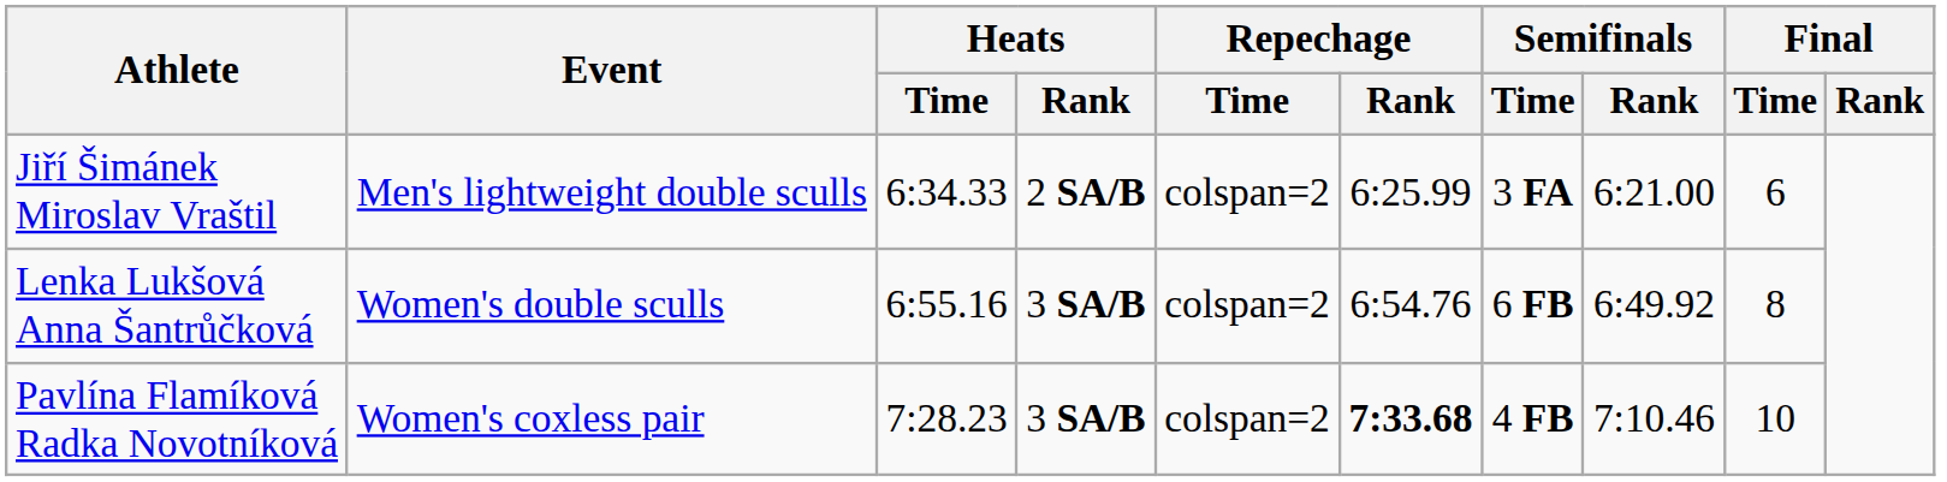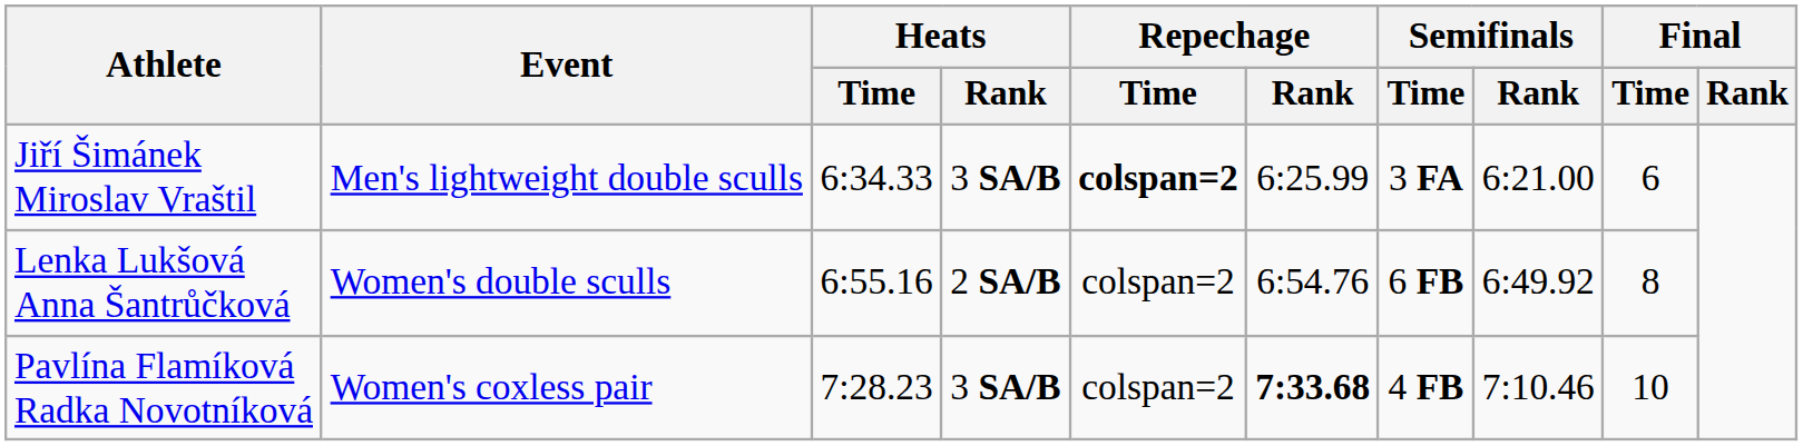 <table class=wikitable style=font-size:90%;text-align:center>
 <tr>
 <th rowspan=2>Athlete</th>
 <th rowspan=2>Event</th>
 <th colspan=2>Heats</th>
 <th colspan=2>Repechage</th>
 <th colspan=2>Semifinals</th>
 <th colspan=2>Final</th>
 </tr>
 <tr style=font-size:95%>
 <th>Time</th>
 <th>Rank</th>
 <th>Time</th>
 <th>Rank</th>
 <th>Time</th>
 <th>Rank</th>
 <th>Time</th>
 <th>Rank</th>
 </tr>
 <tr>
 <td align=left><a href='#'>Jiří Šimánek</a><br><a href='#'>Miroslav Vraštil</a></td>
 <td align=left><a href='#'>Men's lightweight double sculls</a></td>
 <td>6:34.33</td>
-<td>2 <strong>SA/B</strong></td>
-<td>colspan=2 </td>
+<td>3 <strong>SA/B</strong></td>
+<td><strong>colspan=2 </strong></td>
 <td>6:25.99</td>
 <td>3 <strong>FA</strong></td>
 <td>6:21.00</td>
 <td>6</td>
 </tr>
 <tr>
 <td align=left><a href='#'>Lenka Lukšová</a><br><a href='#'>Anna Šantrůčková</a></td>
 <td align=left><a href='#'>Women's double sculls</a></td>
 <td>6:55.16</td>
-<td>3 <strong>SA/B</strong></td>
+<td>2 <strong>SA/B</strong></td>
 <td>colspan=2 </td>
 <td>6:54.76</td>
 <td>6 <strong>FB</strong></td>
 <td>6:49.92</td>
 <td>8</td>
 </tr>
 <tr>
 <td align=left><a href='#'>Pavlína Flamíková</a><br><a href='#'>Radka Novotníková</a></td>
 <td align=left><a href='#'>Women's coxless pair</a></td>
 <td>7:28.23</td>
 <td>3 <strong>SA/B</strong></td>
 <td>colspan=2 </td>
 <td><strong>7:33.68</strong></td>
 <td>4 <strong>FB</strong></td>
 <td>7:10.46</td>
 <td>10</td>
 </tr>
 </table>
